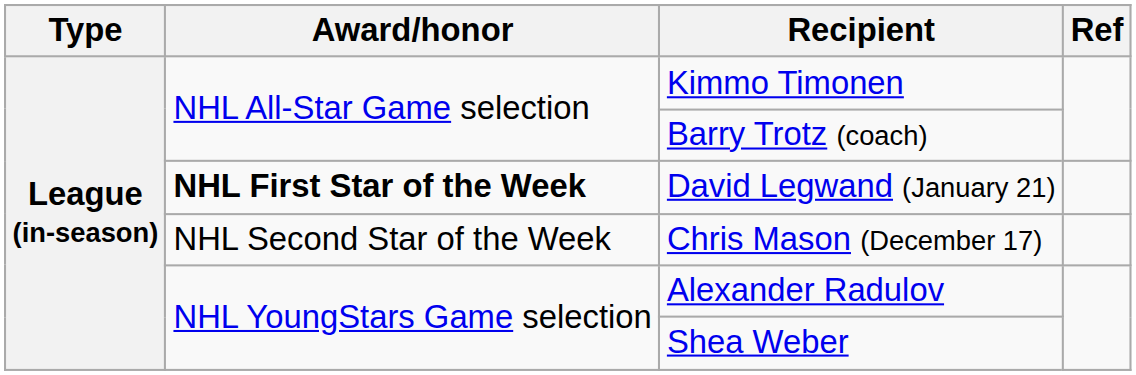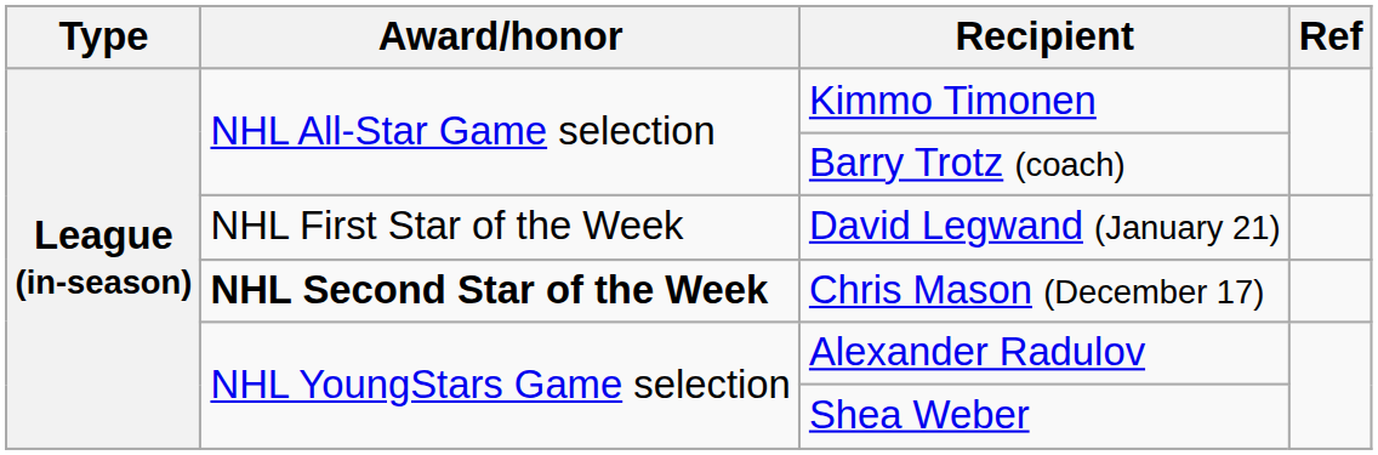 <table class="wikitable">
 <tr>
 <th scope="col">Type</th>
 <th scope="col">Award/honor</th>
 <th scope="col">Recipient</th>
 <th scope="col">Ref</th>
 </tr>
 <tr>
 <th scope="row" rowspan="6">League<br><small>(in-season)</small></th>
 <td rowspan="2"><a href='#'>NHL All-Star Game</a> selection</td>
 <td><a href='#'>Kimmo Timonen</a></td>
 <td rowspan="2"></td>
 </tr>
 <tr>
 <td><a href='#'>Barry Trotz</a> <small>(coach)</small></td>
 </tr>
 <tr>
-<td><strong>NHL First Star of the Week</strong></td>
+<td>NHL First Star of the Week</td>
 <td><a href='#'>David Legwand</a> <small>(January 21)</small></td>
 <td></td>
 </tr>
 <tr>
-<td>NHL Second Star of the Week</td>
+<td><strong>NHL Second Star of the Week</strong></td>
 <td><a href='#'>Chris Mason</a> <small>(December 17)</small></td>
 <td></td>
 </tr>
 <tr>
 <td rowspan="2"><a href='#'>NHL YoungStars Game</a> selection</td>
 <td><a href='#'>Alexander Radulov</a></td>
 <td rowspan="2"></td>
 </tr>
 <tr>
 <td><a href='#'>Shea Weber</a></td>
 </tr>
 </table>
